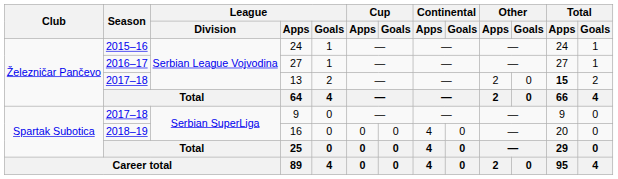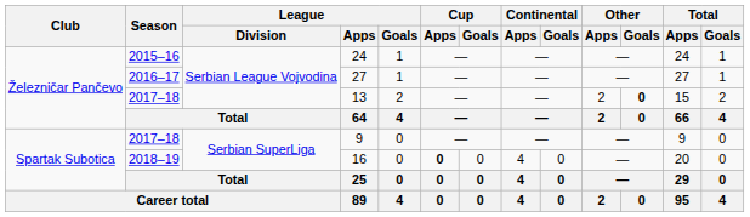 <table class="wikitable" style="text-align:center">
 <tr>
 <th rowspan="2">Club</th>
 <th rowspan="2">Season</th>
 <th colspan="3">League</th>
 <th colspan="2">Cup</th>
 <th colspan="2">Continental</th>
 <th colspan="2">Other</th>
 <th colspan="2">Total</th>
 </tr>
 <tr>
 <th>Division</th>
 <th>Apps</th>
 <th>Goals</th>
 <th>Apps</th>
 <th>Goals</th>
 <th>Apps</th>
 <th>Goals</th>
 <th>Apps</th>
 <th>Goals</th>
 <th>Apps</th>
 <th>Goals</th>
 </tr>
 <tr>
 <td rowspan="4"><a href='#'>Železničar Pančevo</a></td>
 <td><a href='#'>2015–16</a></td>
 <td rowspan=3><a href='#'>Serbian League Vojvodina</a></td>
 <td>24</td>
 <td>1</td>
 <td colspan="2">—</td>
 <td colspan="2">—</td>
 <td colspan="2">—</td>
 <td>24</td>
 <td>1</td>
 </tr>
 <tr>
 <td><a href='#'>2016–17</a></td>
 <td>27</td>
 <td>1</td>
 <td colspan="2">—</td>
 <td colspan="2">—</td>
 <td colspan="2">—</td>
 <td>27</td>
 <td>1</td>
 </tr>
 <tr>
 <td><a href='#'>2017–18</a></td>
 <td>13</td>
 <td>2</td>
 <td colspan="2">—</td>
 <td colspan="2">—</td>
 <td>2</td>
-<td>0</td>
-<td><strong>15</strong></td>
+<td><strong>0</strong></td>
+<td>15</td>
 <td>2</td>
 </tr>
 <tr>
 <th colspan="2">Total</th>
 <th>64</th>
 <th>4</th>
 <th colspan="2">—</th>
 <th colspan="2">—</th>
 <th>2</th>
 <th>0</th>
 <th>66</th>
 <th>4</th>
 </tr>
 <tr>
 <td rowspan="3"><a href='#'>Spartak Subotica</a></td>
 <td><a href='#'>2017–18</a></td>
 <td rowspan="2"><a href='#'>Serbian SuperLiga</a></td>
 <td>9</td>
 <td>0</td>
 <td colspan="2">—</td>
 <td colspan="2">—</td>
 <td colspan="2">—</td>
 <td>9</td>
 <td>0</td>
 </tr>
 <tr>
 <td><a href='#'>2018–19</a></td>
 <td>16</td>
 <td>0</td>
-<td>0</td>
+<td><strong>0</strong></td>
 <td>0</td>
 <td>4</td>
 <td>0</td>
 <td colspan="2">—</td>
 <td>20</td>
 <td>0</td>
 </tr>
 <tr>
 <th colspan="2">Total</th>
 <th>25</th>
 <th>0</th>
 <th>0</th>
 <th>0</th>
 <th>4</th>
 <th>0</th>
 <th colspan="2">—</th>
 <th>29</th>
 <th>0</th>
 </tr>
 <tr>
 <th colspan="3">Career total</th>
 <th>89</th>
 <th>4</th>
 <th>0</th>
 <th>0</th>
 <th>4</th>
 <th>0</th>
 <th>2</th>
 <th>0</th>
 <th>95</th>
 <th>4</th>
 </tr>
 </table>
